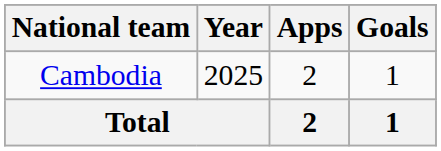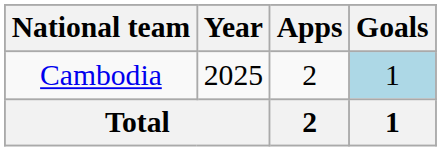 <table class="wikitable" style="text-align: center;">
 <tr>
 <th>National team</th>
 <th>Year</th>
 <th>Apps</th>
 <th>Goals</th>
 </tr>
 <tr>
 <td rowspan="1"><a href='#'>Cambodia</a></td>
 <td>2025</td>
 <td>2</td>
-<td>1</td>
+<td style="background: lightblue;">1</td>
 </tr>
 <tr>
 <th colspan=2>Total</th>
 <th>2</th>
 <th>1</th>
 </tr>
 </table>
